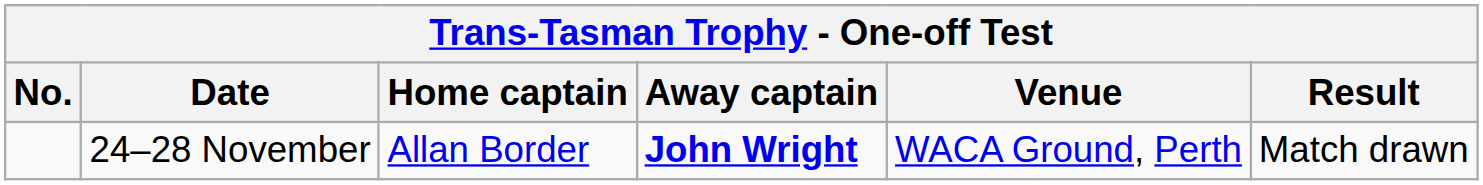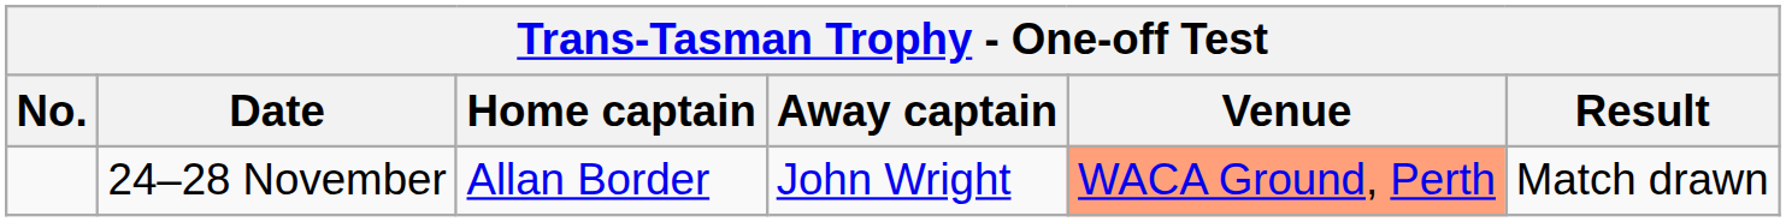 <table class="wikitable">
 <tr>
 <th colspan="9"><a href='#'>Trans-Tasman Trophy</a> - One-off Test</th>
 </tr>
 <tr>
 <th>No.</th>
 <th>Date</th>
 <th>Home captain</th>
 <th>Away captain</th>
 <th>Venue</th>
 <th>Result</th>
 </tr>
 <tr>
 <td></td>
 <td>24–28 November</td>
 <td><a href='#'>Allan Border</a></td>
-<td><strong><a href='#'>John Wright</a></strong></td>
-<td><a href='#'>WACA Ground</a>, <a href='#'>Perth</a></td>
+<td><a href='#'>John Wright</a></td>
+<td style="background: lightsalmon;"><a href='#'>WACA Ground</a>, <a href='#'>Perth</a></td>
 <td>Match drawn</td>
 </tr>
 </table>
